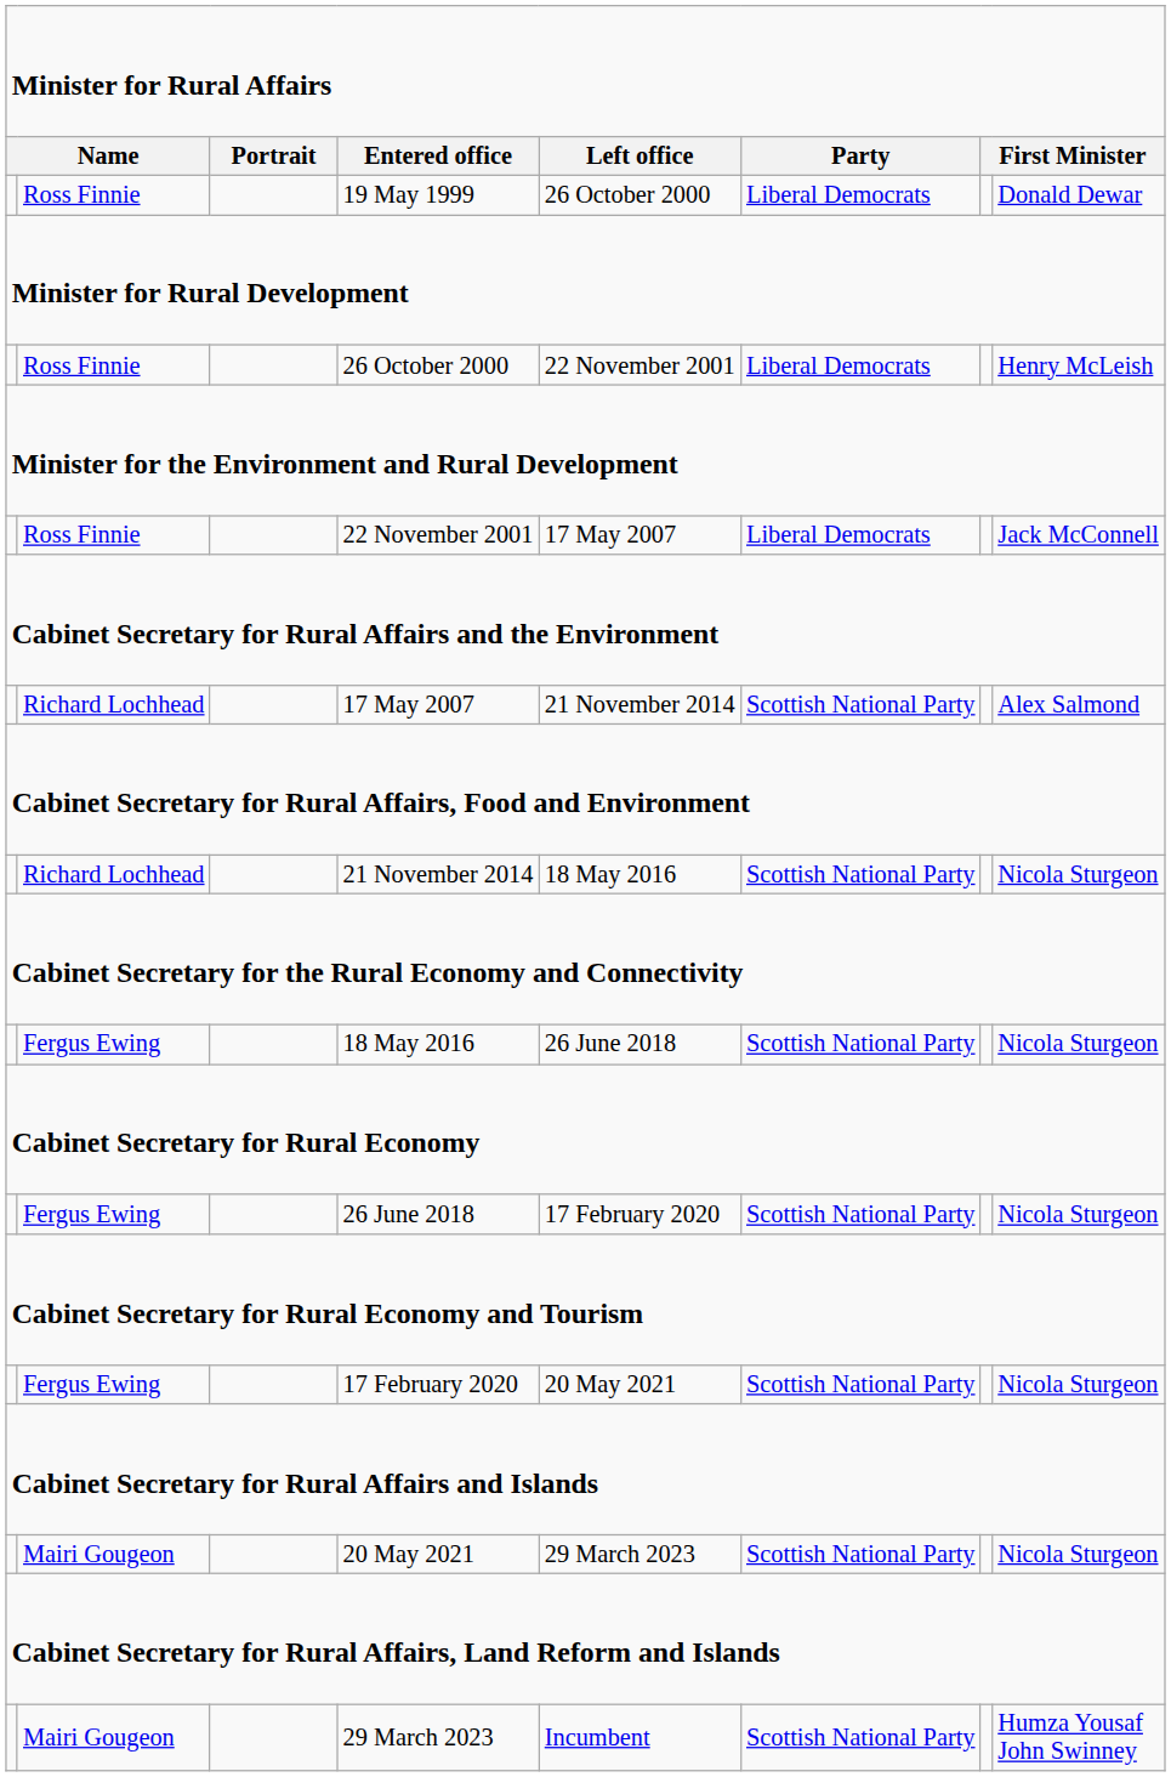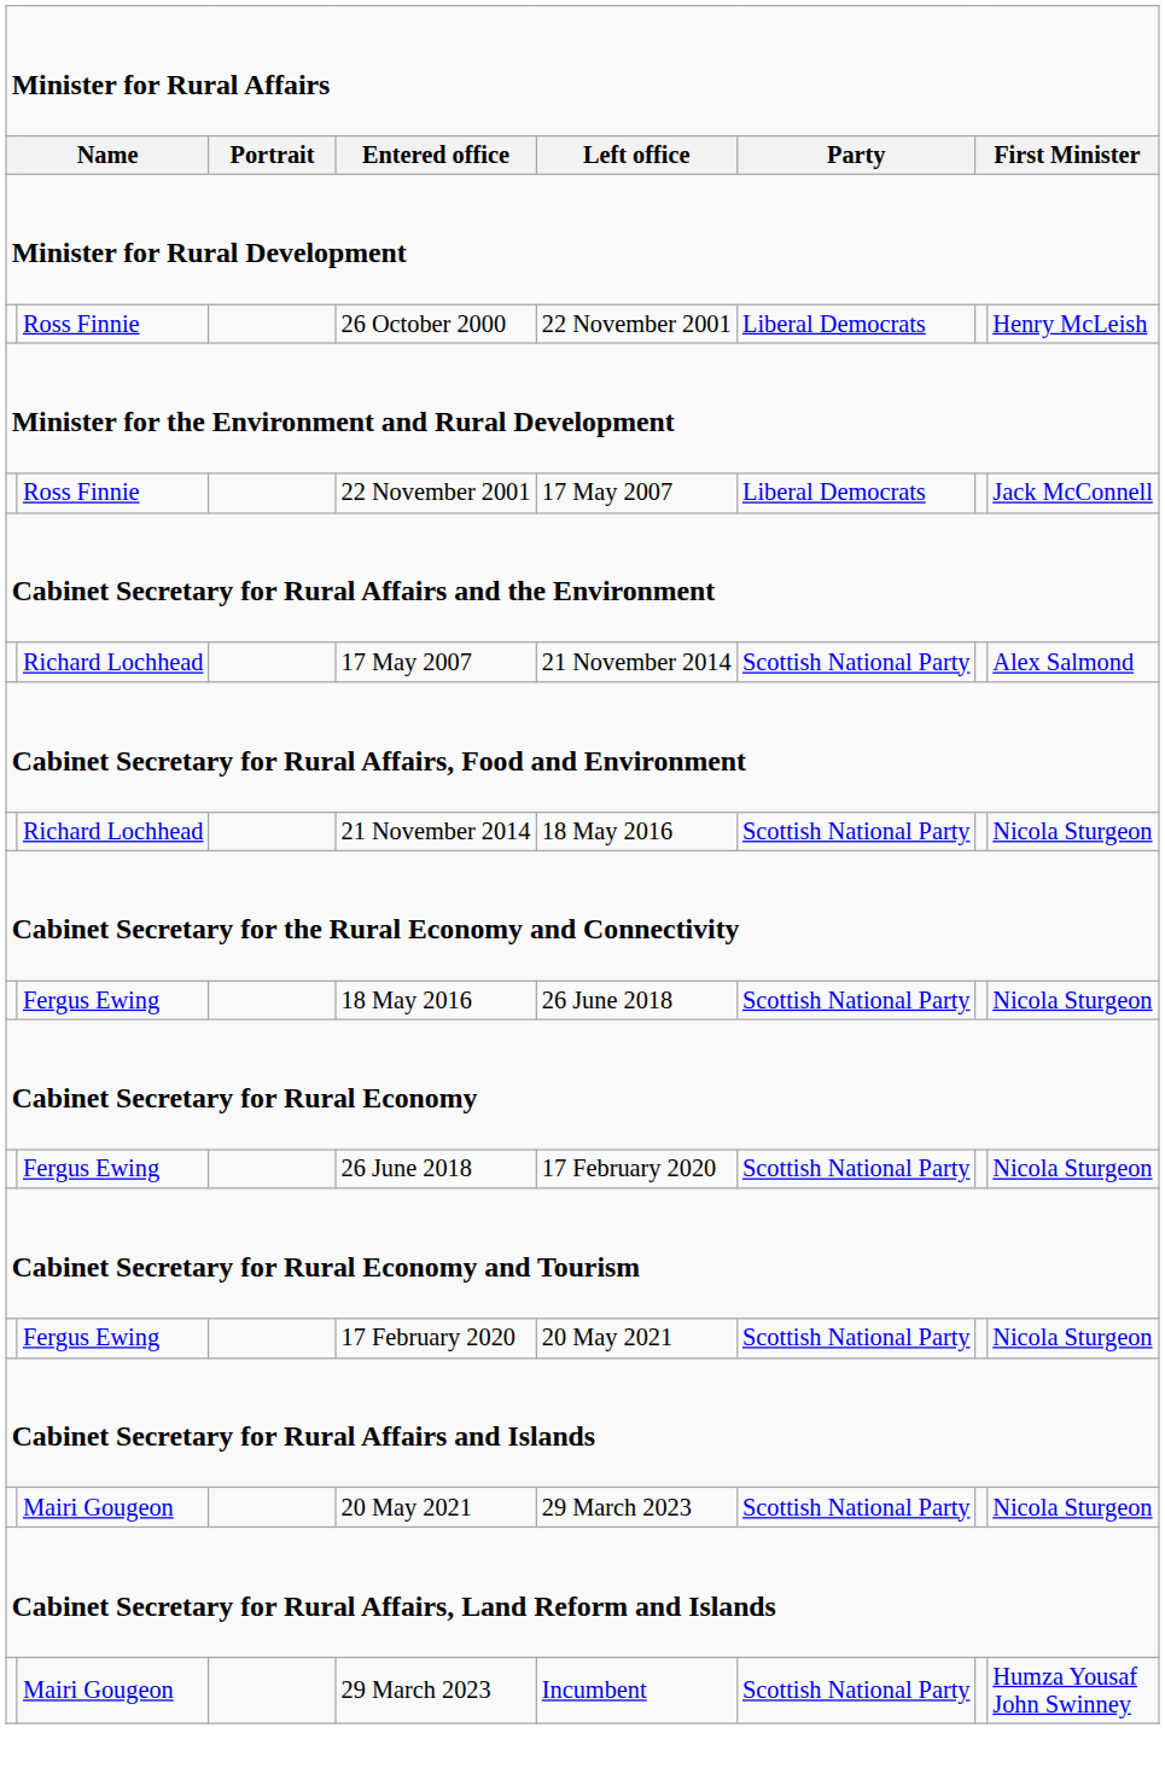 <table class="wikitable" style="margin: 0 0 0 1em; background: #f9f9f9; border: 1px #aaaaaa solid; border-collapse: collapse; ">
 <tr>
 <td colspan="8"><br><h3>Minister for Rural Affairs</h3></td>
 </tr>
 <tr>
 <th colspan="2">Name</th>
 <th width=75>Portrait</th>
 <th>Entered office</th>
 <th>Left office</th>
 <th>Party</th>
 <th colspan=2>First Minister</th>
-</tr>
-<tr>
-<td></td>
-<td><a href='#'>Ross Finnie</a></td>
-<td></td>
-<td>19 May 1999</td>
-<td>26 October 2000</td>
-<td><a href='#'>Liberal Democrats</a></td>
-<td></td>
-<td><a href='#'>Donald Dewar</a></td>
 </tr>
 <tr>
 <td colspan="8"><br><h3>Minister for Rural Development</h3></td>
 </tr>
 <tr>
 <td></td>
 <td><a href='#'>Ross Finnie</a></td>
 <td></td>
 <td>26 October 2000</td>
 <td>22 November 2001</td>
 <td><a href='#'>Liberal Democrats</a></td>
 <td></td>
 <td><a href='#'>Henry McLeish</a></td>
 </tr>
 <tr>
 <td colspan="8"><br><h3>Minister for the Environment and Rural Development</h3></td>
 </tr>
 <tr>
 <td></td>
 <td><a href='#'>Ross Finnie</a></td>
 <td></td>
 <td>22 November 2001</td>
 <td>17 May 2007</td>
 <td><a href='#'>Liberal Democrats</a></td>
 <td></td>
 <td><a href='#'>Jack McConnell</a></td>
 </tr>
 <tr>
 <td colspan="8"><br><h3>Cabinet Secretary for Rural Affairs and the Environment</h3></td>
 </tr>
 <tr>
 <td></td>
 <td><a href='#'>Richard Lochhead</a></td>
 <td></td>
 <td>17 May 2007</td>
 <td>21 November 2014</td>
 <td><a href='#'>Scottish National Party</a></td>
 <td></td>
 <td><a href='#'>Alex Salmond</a></td>
 </tr>
 <tr>
 <td colspan="8"><br><h3>Cabinet Secretary for Rural Affairs, Food and Environment</h3></td>
 </tr>
 <tr>
 <td></td>
 <td><a href='#'>Richard Lochhead</a></td>
 <td></td>
 <td>21 November 2014</td>
 <td>18 May 2016</td>
 <td><a href='#'>Scottish National Party</a></td>
 <td></td>
 <td><a href='#'>Nicola Sturgeon</a></td>
 </tr>
 <tr>
 <td colspan="8"><br><h3>Cabinet Secretary for the Rural Economy and Connectivity</h3></td>
 </tr>
 <tr>
 <td></td>
 <td><a href='#'>Fergus Ewing</a></td>
 <td></td>
 <td>18 May 2016</td>
 <td>26 June 2018</td>
 <td><a href='#'>Scottish National Party</a></td>
 <td></td>
 <td><a href='#'>Nicola Sturgeon</a></td>
 </tr>
 <tr>
 <td colspan="8"><br><h3>Cabinet Secretary for Rural Economy</h3></td>
 </tr>
 <tr>
 <td></td>
 <td><a href='#'>Fergus Ewing</a></td>
 <td></td>
 <td>26 June 2018</td>
 <td>17 February 2020</td>
 <td><a href='#'>Scottish National Party</a></td>
 <td></td>
 <td><a href='#'>Nicola Sturgeon</a></td>
 </tr>
 <tr>
 <td colspan="8"><br><h3>Cabinet Secretary for Rural Economy and Tourism</h3></td>
 </tr>
 <tr>
 <td></td>
 <td><a href='#'>Fergus Ewing</a></td>
 <td></td>
 <td>17 February 2020</td>
 <td>20 May 2021</td>
 <td><a href='#'>Scottish National Party</a></td>
 <td></td>
 <td><a href='#'>Nicola Sturgeon</a></td>
 </tr>
 <tr>
 <td colspan="8"><br><h3>Cabinet Secretary for Rural Affairs and Islands</h3></td>
 </tr>
 <tr>
 <td></td>
 <td><a href='#'>Mairi Gougeon</a></td>
 <td></td>
 <td>20 May 2021</td>
 <td>29 March 2023</td>
 <td><a href='#'>Scottish National Party</a></td>
 <td></td>
 <td><a href='#'>Nicola Sturgeon</a></td>
 </tr>
 <tr>
 <td colspan="8"><br><h3>Cabinet Secretary for Rural Affairs, Land Reform and Islands</h3></td>
 </tr>
 <tr>
 <td></td>
 <td><a href='#'>Mairi Gougeon</a></td>
 <td></td>
 <td>29 March 2023</td>
 <td><a href='#'>Incumbent</a></td>
 <td><a href='#'>Scottish National Party</a></td>
 <td></td>
 <td><a href='#'>Humza Yousaf</a><br> <a href='#'>John Swinney</a></td>
 </tr>
 </table>
